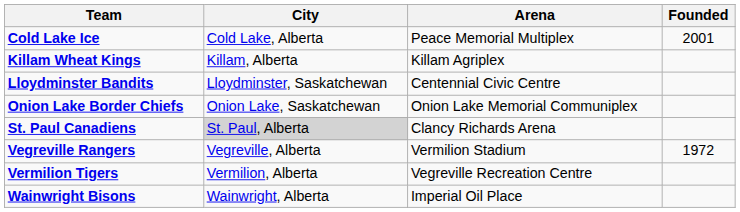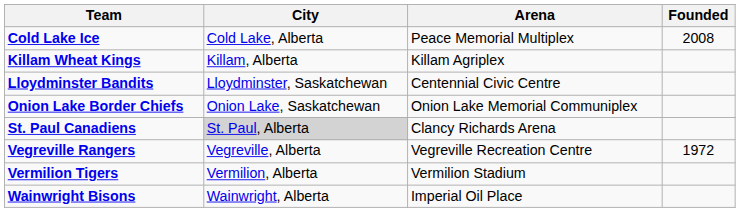 <table class="wikitable" style="width:65%">
 <tr>
 <th>Team</th>
 <th>City</th>
 <th>Arena</th>
 <th>Founded</th>
 </tr>
 <tr>
 <td><strong><a href='#'>Cold Lake Ice</a></strong></td>
 <td><a href='#'>Cold Lake</a>, Alberta</td>
 <td>Peace Memorial Multiplex</td>
-<td align="center">2001</td>
+<td align="center">2008</td>
 </tr>
 <tr>
 <td><strong><a href='#'>Killam Wheat Kings</a></strong></td>
 <td><a href='#'>Killam</a>, Alberta</td>
 <td>Killam Agriplex</td>
 <td align="center"></td>
 </tr>
 <tr>
 <td><strong><a href='#'>Lloydminster Bandits</a></strong></td>
 <td><a href='#'>Lloydminster</a>, Saskatchewan</td>
 <td>Centennial Civic Centre</td>
 <td align="center"></td>
 </tr>
 <tr>
 <td><strong><a href='#'>Onion Lake Border Chiefs</a></strong></td>
 <td><a href='#'>Onion Lake</a>, Saskatchewan</td>
 <td>Onion Lake Memorial Communiplex</td>
 <td align="center"></td>
 </tr>
 <tr>
 <td><strong><a href='#'>St. Paul Canadiens</a></strong></td>
 <td style="background: lightgrey;"><a href='#'>St. Paul</a>, Alberta</td>
 <td>Clancy Richards Arena</td>
 <td align="center"></td>
 </tr>
 <tr>
 <td><strong><a href='#'>Vegreville Rangers</a></strong></td>
 <td><a href='#'>Vegreville</a>, Alberta</td>
-<td>Vermilion Stadium</td>
+<td>Vegreville Recreation Centre</td>
 <td align="center">1972</td>
 </tr>
 <tr>
 <td><strong><a href='#'>Vermilion Tigers</a></strong></td>
 <td><a href='#'>Vermilion</a>, Alberta</td>
-<td>Vegreville Recreation Centre</td>
+<td>Vermilion Stadium</td>
 <td align="center"></td>
 </tr>
 <tr>
 <td><strong><a href='#'>Wainwright Bisons</a></strong></td>
 <td><a href='#'>Wainwright</a>, Alberta</td>
 <td>Imperial Oil Place</td>
 <td align="center"></td>
 </tr>
 </table>
